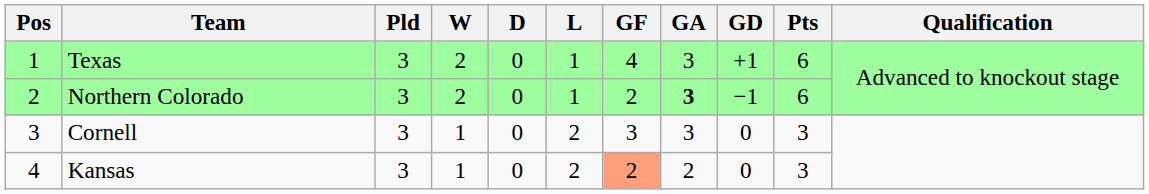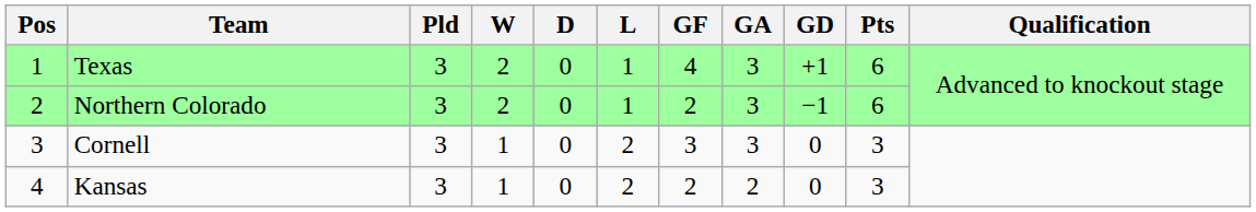 <table class="wikitable" style="text-align:center; margin: 1em auto">
 <tr>
 <th style="width:2em">Pos</th>
 <th style="width:13em">Team</th>
 <th style="width:2em">Pld</th>
 <th style="width:2em">W</th>
 <th style="width:2em">D</th>
 <th style="width:2em">L</th>
 <th style="width:2em">GF</th>
 <th style="width:2em">GA</th>
 <th style="width:2em">GD</th>
 <th style="width:2em">Pts</th>
 <th style="width:13em">Qualification</th>
 </tr>
 <tr bgcolor="#9eff9e">
 <td>1</td>
 <td style="text-align:left">Texas</td>
 <td>3</td>
 <td>2</td>
 <td>0</td>
 <td>1</td>
 <td>4</td>
 <td>3</td>
 <td>+1</td>
 <td>6</td>
 <td rowspan="2">Advanced to knockout stage</td>
 </tr>
 <tr bgcolor="#9eff9e">
 <td>2</td>
 <td style="text-align:left">Northern Colorado</td>
 <td>3</td>
 <td>2</td>
 <td>0</td>
 <td>1</td>
 <td>2</td>
-<td><strong>3</strong></td>
+<td>3</td>
 <td>−1</td>
 <td>6</td>
 </tr>
 <tr>
 <td>3</td>
 <td style="text-align:left">Cornell</td>
 <td>3</td>
 <td>1</td>
 <td>0</td>
 <td>2</td>
 <td>3</td>
 <td>3</td>
 <td>0</td>
 <td>3</td>
 <td rowspan="2"></td>
 </tr>
 <tr>
 <td>4</td>
 <td style="text-align:left">Kansas</td>
 <td>3</td>
 <td>1</td>
 <td>0</td>
 <td>2</td>
-<td style="background: lightsalmon;">2</td>
+<td>2</td>
 <td>2</td>
 <td>0</td>
 <td>3</td>
 </tr>
 </table>
